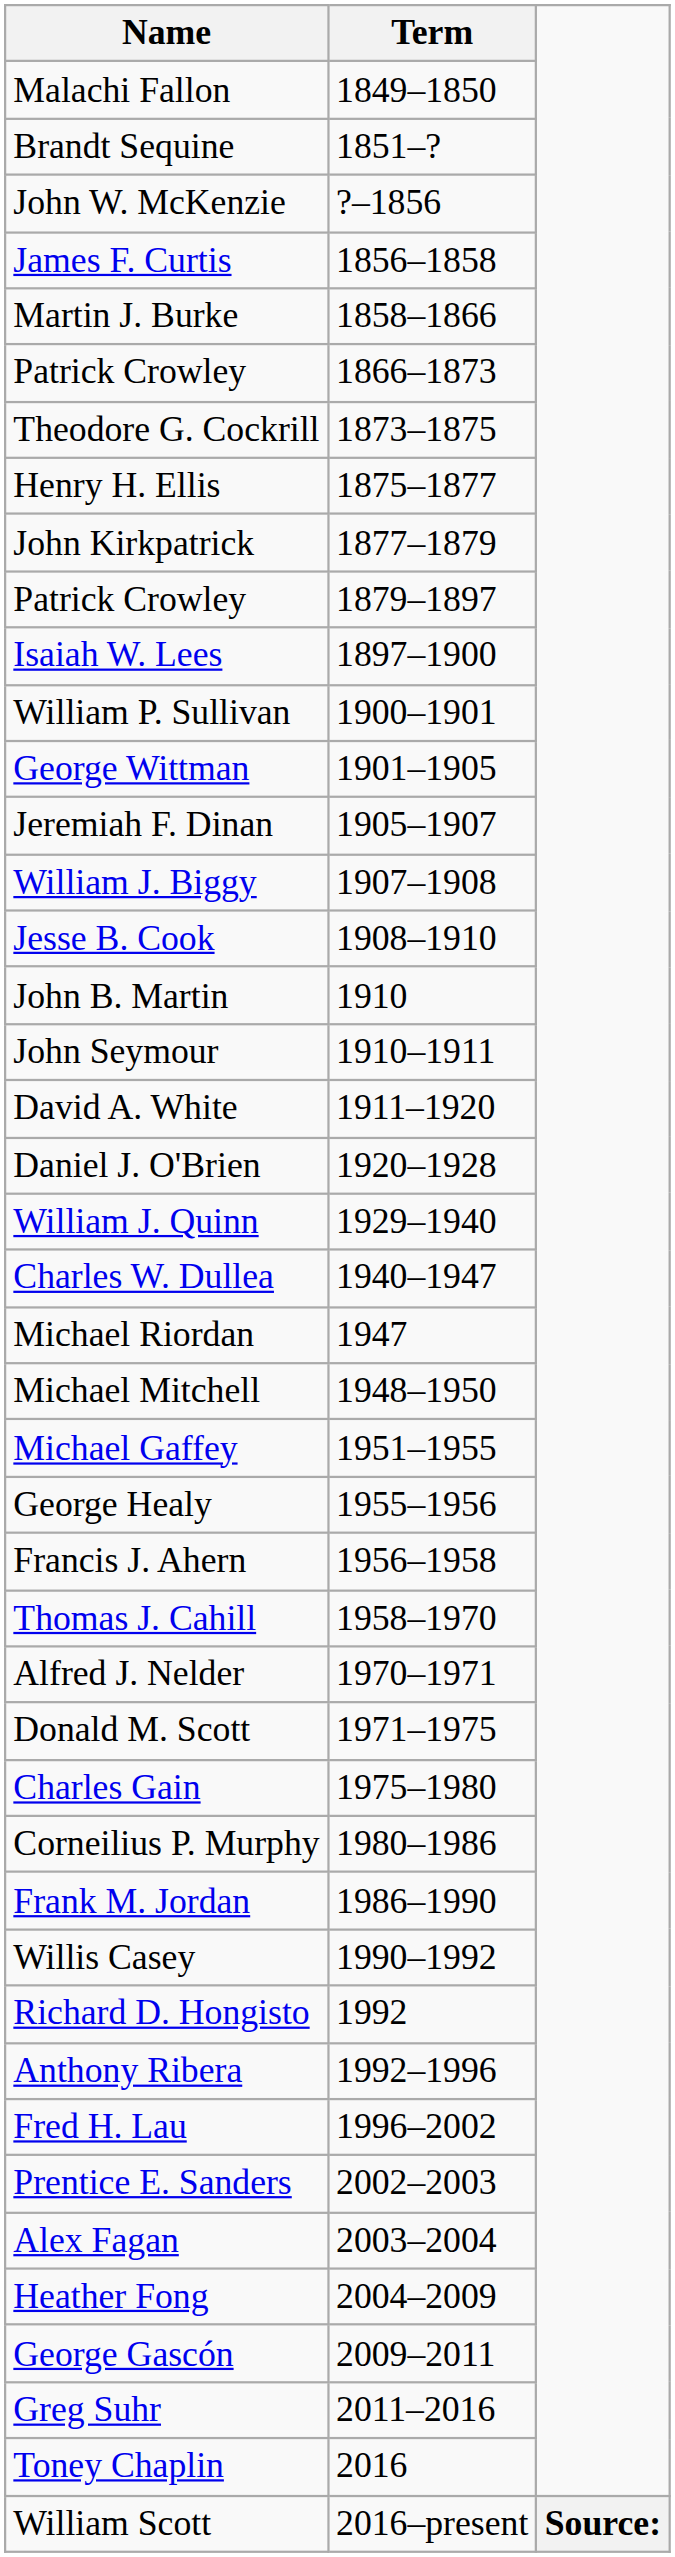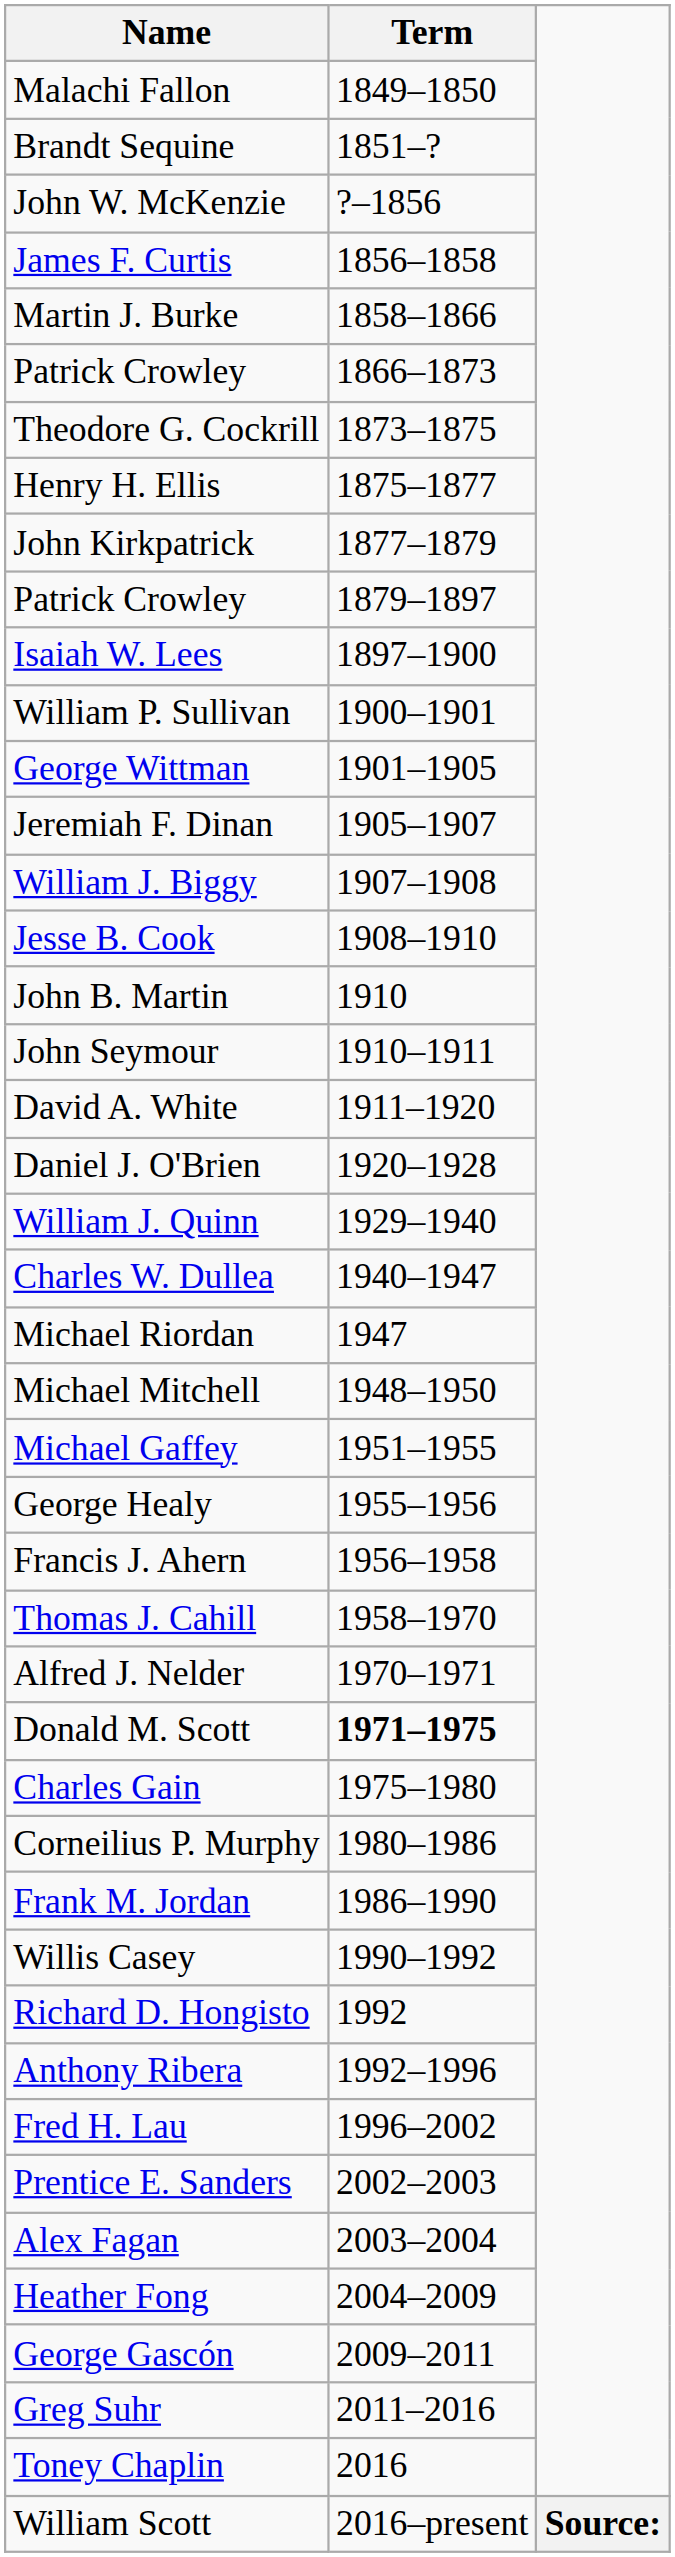 <table class="wikitable">
 <tr>
 <th>Name</th>
 <th>Term</th>
 </tr>
 <tr>
 <td>Malachi Fallon</td>
 <td>1849–1850</td>
 </tr>
 <tr>
 <td>Brandt Sequine</td>
 <td>1851–?</td>
 </tr>
 <tr>
 <td>John W. McKenzie</td>
 <td>?–1856</td>
 </tr>
 <tr>
 <td><a href='#'>James F. Curtis</a></td>
 <td>1856–1858</td>
 </tr>
 <tr>
 <td>Martin J. Burke</td>
 <td>1858–1866</td>
 </tr>
 <tr>
 <td>Patrick Crowley</td>
 <td>1866–1873</td>
 </tr>
 <tr>
 <td>Theodore G. Cockrill</td>
 <td>1873–1875</td>
 </tr>
 <tr>
 <td>Henry H. Ellis</td>
 <td>1875–1877</td>
 </tr>
 <tr>
 <td>John Kirkpatrick</td>
 <td>1877–1879</td>
 </tr>
 <tr>
 <td>Patrick Crowley</td>
 <td>1879–1897</td>
 </tr>
 <tr>
 <td><a href='#'>Isaiah W. Lees</a></td>
 <td>1897–1900</td>
 </tr>
 <tr>
 <td>William P. Sullivan</td>
 <td>1900–1901</td>
 </tr>
 <tr>
 <td><a href='#'>George Wittman</a></td>
 <td>1901–1905</td>
 </tr>
 <tr>
 <td>Jeremiah F. Dinan</td>
 <td>1905–1907</td>
 </tr>
 <tr>
 <td><a href='#'>William J. Biggy</a></td>
 <td>1907–1908</td>
 </tr>
 <tr>
 <td><a href='#'>Jesse B. Cook</a></td>
 <td>1908–1910</td>
 </tr>
 <tr>
 <td>John B. Martin</td>
 <td>1910</td>
 </tr>
 <tr>
 <td>John Seymour</td>
 <td>1910–1911</td>
 </tr>
 <tr>
 <td>David A. White</td>
 <td>1911–1920</td>
 </tr>
 <tr>
 <td>Daniel J. O'Brien</td>
 <td>1920–1928</td>
 </tr>
 <tr>
 <td><a href='#'>William J. Quinn</a></td>
 <td>1929–1940</td>
 </tr>
 <tr>
 <td><a href='#'>Charles W. Dullea</a></td>
 <td>1940–1947</td>
 </tr>
 <tr>
 <td>Michael Riordan</td>
 <td>1947</td>
 </tr>
 <tr>
 <td>Michael Mitchell</td>
 <td>1948–1950</td>
 </tr>
 <tr>
 <td><a href='#'>Michael Gaffey</a></td>
 <td>1951–1955</td>
 </tr>
 <tr>
 <td>George Healy</td>
 <td>1955–1956</td>
 </tr>
 <tr>
 <td>Francis J. Ahern</td>
 <td>1956–1958</td>
 </tr>
 <tr>
 <td><a href='#'>Thomas J. Cahill</a></td>
 <td>1958–1970</td>
 </tr>
 <tr>
 <td>Alfred J. Nelder</td>
 <td>1970–1971</td>
 </tr>
 <tr>
 <td>Donald M. Scott</td>
-<td>1971–1975</td>
+<td><strong>1971–1975</strong></td>
 </tr>
 <tr>
 <td><a href='#'>Charles Gain</a></td>
 <td>1975–1980</td>
 </tr>
 <tr>
 <td>Corneilius P. Murphy</td>
 <td>1980–1986</td>
 </tr>
 <tr>
 <td><a href='#'>Frank M. Jordan</a></td>
 <td>1986–1990</td>
 </tr>
 <tr>
 <td>Willis Casey</td>
 <td>1990–1992</td>
 </tr>
 <tr>
 <td><a href='#'>Richard D. Hongisto</a></td>
 <td>1992</td>
 </tr>
 <tr>
 <td><a href='#'>Anthony Ribera</a></td>
 <td>1992–1996</td>
 </tr>
 <tr>
 <td><a href='#'>Fred H. Lau</a></td>
 <td>1996–2002</td>
 </tr>
 <tr>
 <td><a href='#'>Prentice E. Sanders</a></td>
 <td>2002–2003</td>
 </tr>
 <tr>
 <td><a href='#'>Alex Fagan</a></td>
 <td>2003–2004</td>
 </tr>
 <tr>
 <td><a href='#'>Heather Fong</a></td>
 <td>2004–2009</td>
 </tr>
 <tr>
 <td><a href='#'>George Gascón</a></td>
 <td>2009–2011</td>
 </tr>
 <tr>
 <td><a href='#'>Greg Suhr</a></td>
 <td>2011–2016</td>
 </tr>
 <tr>
 <td><a href='#'>Toney Chaplin</a></td>
 <td>2016</td>
 </tr>
 <tr>
 <td>William Scott</td>
 <td>2016–present</td>
 <th colspan="2">Source:</th>
 </tr>
 </table>
